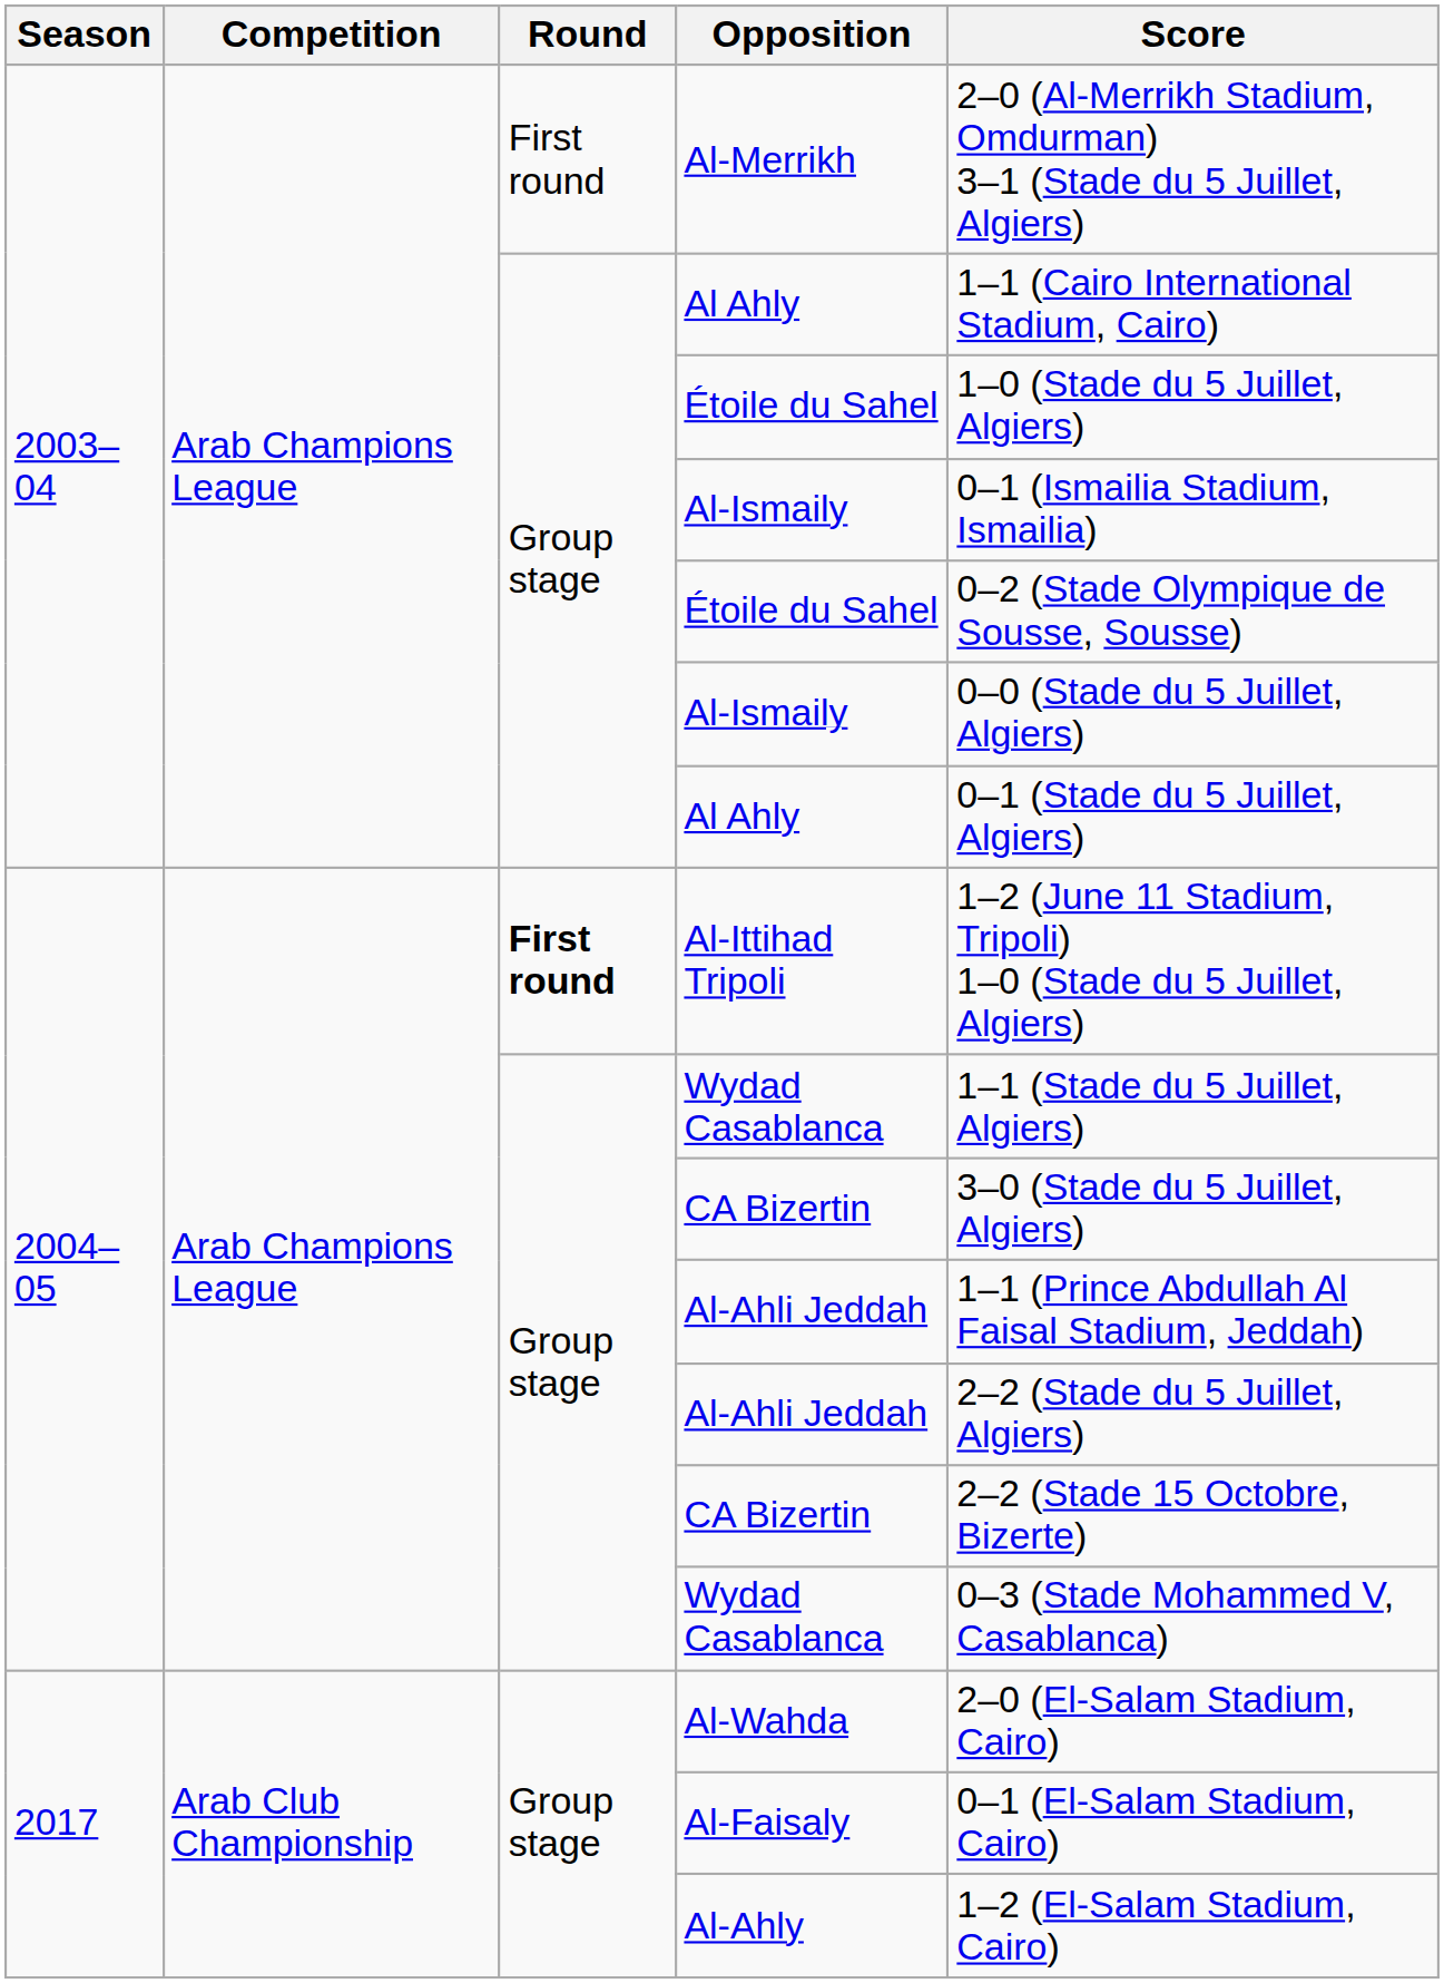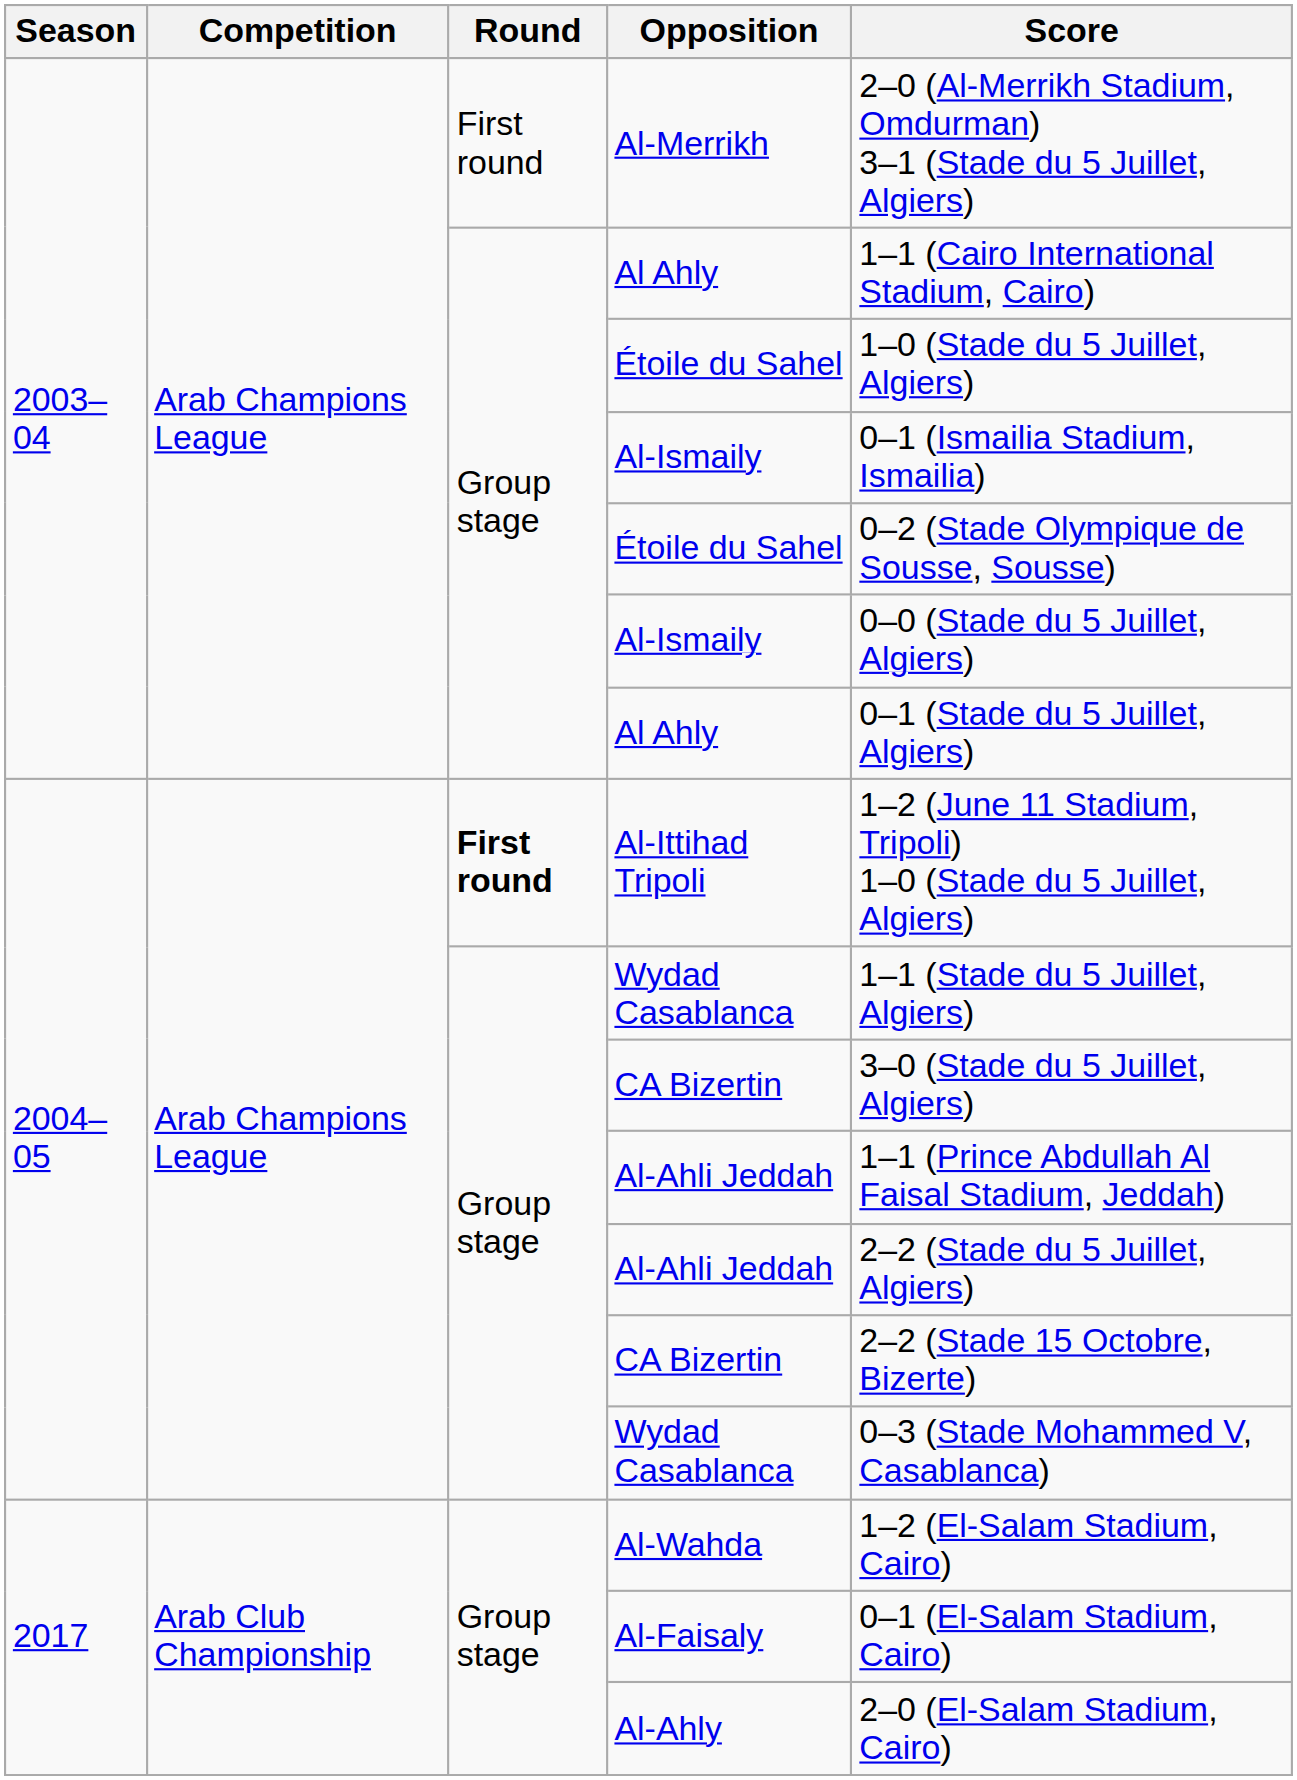 <table class="sortable plainrowheaders wikitable">
 <tr>
 <th scope=col>Season</th>
 <th scope=col>Competition</th>
 <th scope=col>Round</th>
 <th scope=col>Opposition</th>
 <th scope=col>Score</th>
 </tr>
 <tr>
 <td rowspan="7"><a href='#'>2003–04</a></td>
 <td rowspan="7"><a href='#'>Arab Champions League</a></td>
 <td>First round</td>
 <td> <a href='#'>Al-Merrikh</a></td>
 <td>2–0 (<a href='#'>Al-Merrikh Stadium</a>, <a href='#'>Omdurman</a>)<br>3–1 (<a href='#'>Stade du 5 Juillet</a>, <a href='#'>Algiers</a>)</td>
 </tr>
 <tr>
 <td rowspan="6">Group stage</td>
 <td> <a href='#'>Al Ahly</a></td>
 <td>1–1 (<a href='#'>Cairo International Stadium</a>, <a href='#'>Cairo</a>)</td>
 </tr>
 <tr>
 <td> <a href='#'>Étoile du Sahel</a></td>
 <td>1–0 (<a href='#'>Stade du 5 Juillet</a>, <a href='#'>Algiers</a>)</td>
 </tr>
 <tr>
 <td> <a href='#'>Al-Ismaily</a></td>
 <td>0–1 (<a href='#'>Ismailia Stadium</a>, <a href='#'>Ismailia</a>)</td>
 </tr>
 <tr>
 <td> <a href='#'>Étoile du Sahel</a></td>
 <td>0–2 (<a href='#'>Stade Olympique de Sousse</a>, <a href='#'>Sousse</a>)</td>
 </tr>
 <tr>
 <td> <a href='#'>Al-Ismaily</a></td>
 <td>0–0 (<a href='#'>Stade du 5 Juillet</a>, <a href='#'>Algiers</a>)</td>
 </tr>
 <tr>
 <td> <a href='#'>Al Ahly</a></td>
 <td>0–1 (<a href='#'>Stade du 5 Juillet</a>, <a href='#'>Algiers</a>)</td>
 </tr>
 <tr>
 <td rowspan="7"><a href='#'>2004–05</a></td>
 <td rowspan="7"><a href='#'>Arab Champions League</a></td>
 <td><strong>First round</strong></td>
 <td> <a href='#'>Al-Ittihad Tripoli</a></td>
 <td>1–2 (<a href='#'>June 11 Stadium</a>, <a href='#'>Tripoli</a>)<br>1–0 (<a href='#'>Stade du 5 Juillet</a>, <a href='#'>Algiers</a>)</td>
 </tr>
 <tr>
 <td rowspan="6">Group stage</td>
 <td> <a href='#'>Wydad Casablanca</a></td>
 <td>1–1 (<a href='#'>Stade du 5 Juillet</a>, <a href='#'>Algiers</a>)</td>
 </tr>
 <tr>
 <td> <a href='#'>CA Bizertin</a></td>
 <td>3–0 (<a href='#'>Stade du 5 Juillet</a>, <a href='#'>Algiers</a>)</td>
 </tr>
 <tr>
 <td> <a href='#'>Al-Ahli Jeddah</a></td>
 <td>1–1 (<a href='#'>Prince Abdullah Al Faisal Stadium</a>, <a href='#'>Jeddah</a>)</td>
 </tr>
 <tr>
 <td> <a href='#'>Al-Ahli Jeddah</a></td>
 <td>2–2 (<a href='#'>Stade du 5 Juillet</a>, <a href='#'>Algiers</a>)</td>
 </tr>
 <tr>
 <td> <a href='#'>CA Bizertin</a></td>
 <td>2–2 (<a href='#'>Stade 15 Octobre</a>, <a href='#'>Bizerte</a>)</td>
 </tr>
 <tr>
 <td> <a href='#'>Wydad Casablanca</a></td>
 <td>0–3 (<a href='#'>Stade Mohammed V</a>, <a href='#'>Casablanca</a>)</td>
 </tr>
 <tr>
 <td rowspan="3"><a href='#'>2017</a></td>
 <td rowspan="3"><a href='#'>Arab Club Championship</a></td>
 <td rowspan="3">Group stage</td>
 <td> <a href='#'>Al-Wahda</a></td>
-<td>2–0 (<a href='#'>El-Salam Stadium</a>, <a href='#'>Cairo</a>)</td>
+<td>1–2 (<a href='#'>El-Salam Stadium</a>, <a href='#'>Cairo</a>)</td>
 </tr>
 <tr>
 <td> <a href='#'>Al-Faisaly</a></td>
 <td>0–1 (<a href='#'>El-Salam Stadium</a>, <a href='#'>Cairo</a>)</td>
 </tr>
 <tr>
 <td> <a href='#'>Al-Ahly</a></td>
-<td>1–2 (<a href='#'>El-Salam Stadium</a>, <a href='#'>Cairo</a>)</td>
+<td>2–0 (<a href='#'>El-Salam Stadium</a>, <a href='#'>Cairo</a>)</td>
 </tr>
 <tr>
 </tr>
 </table>
